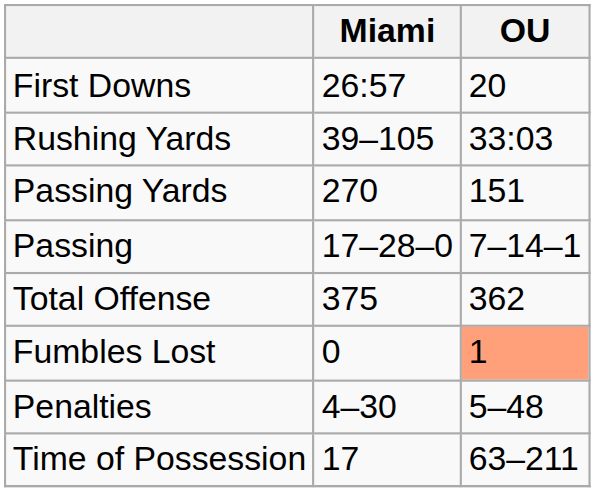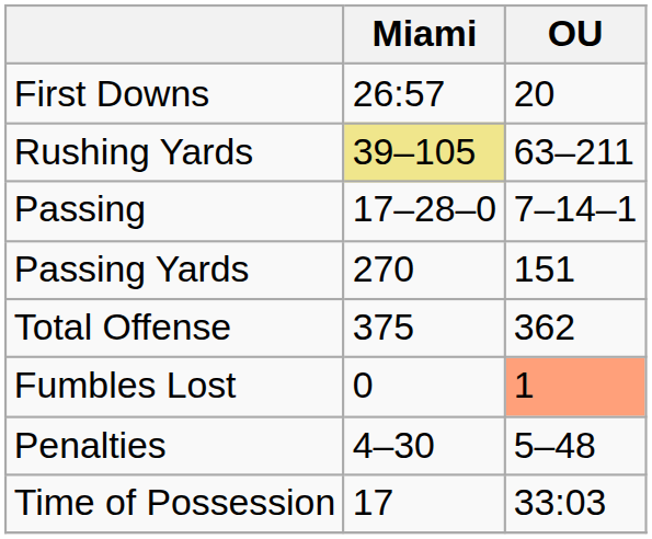 <table class="wikitable">
 <tr>
 <th></th>
 <th>Miami</th>
 <th>OU</th>
 </tr>
 <tr>
 <td>First Downs</td>
 <td>26:57</td>
 <td>20</td>
 </tr>
 <tr>
 <td>Rushing Yards</td>
-<td>39–105</td>
-<td>33:03</td>
+<td style="background: khaki;">39–105</td>
+<td>63–211</td>
+</tr>
+<tr>
+<td>Passing</td>
+<td>17–28–0</td>
+<td>7–14–1</td>
 </tr>
 <tr>
 <td>Passing Yards</td>
 <td>270</td>
 <td>151</td>
-</tr>
-<tr>
-<td>Passing</td>
-<td>17–28–0</td>
-<td>7–14–1</td>
 </tr>
 <tr>
 <td>Total Offense</td>
 <td>375</td>
 <td>362</td>
 </tr>
 <tr>
 <td>Fumbles Lost</td>
 <td>0</td>
 <td style="background: lightsalmon;">1</td>
 </tr>
 <tr>
 <td>Penalties</td>
 <td>4–30</td>
 <td>5–48</td>
 </tr>
 <tr>
 <td>Time of Possession</td>
 <td>17</td>
-<td>63–211</td>
+<td>33:03</td>
 </tr>
 <tr>
 </tr>
 </table>
